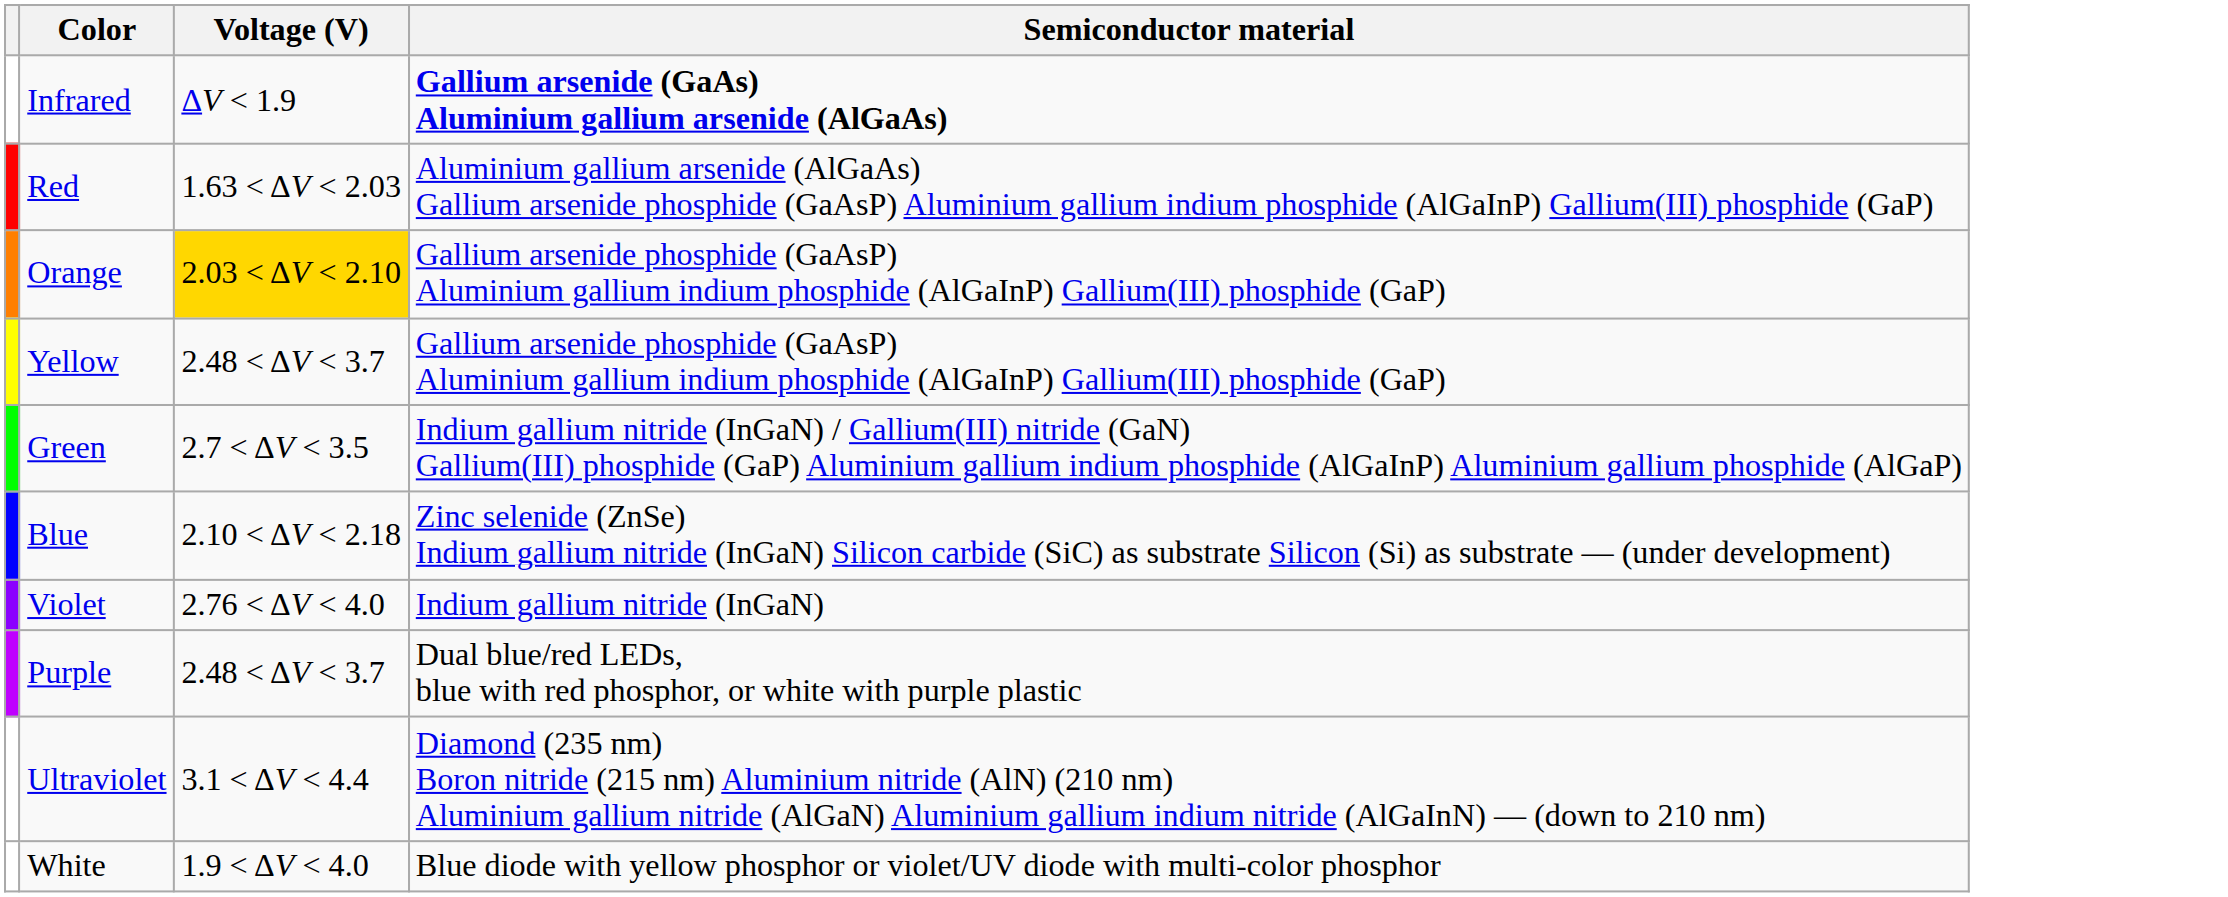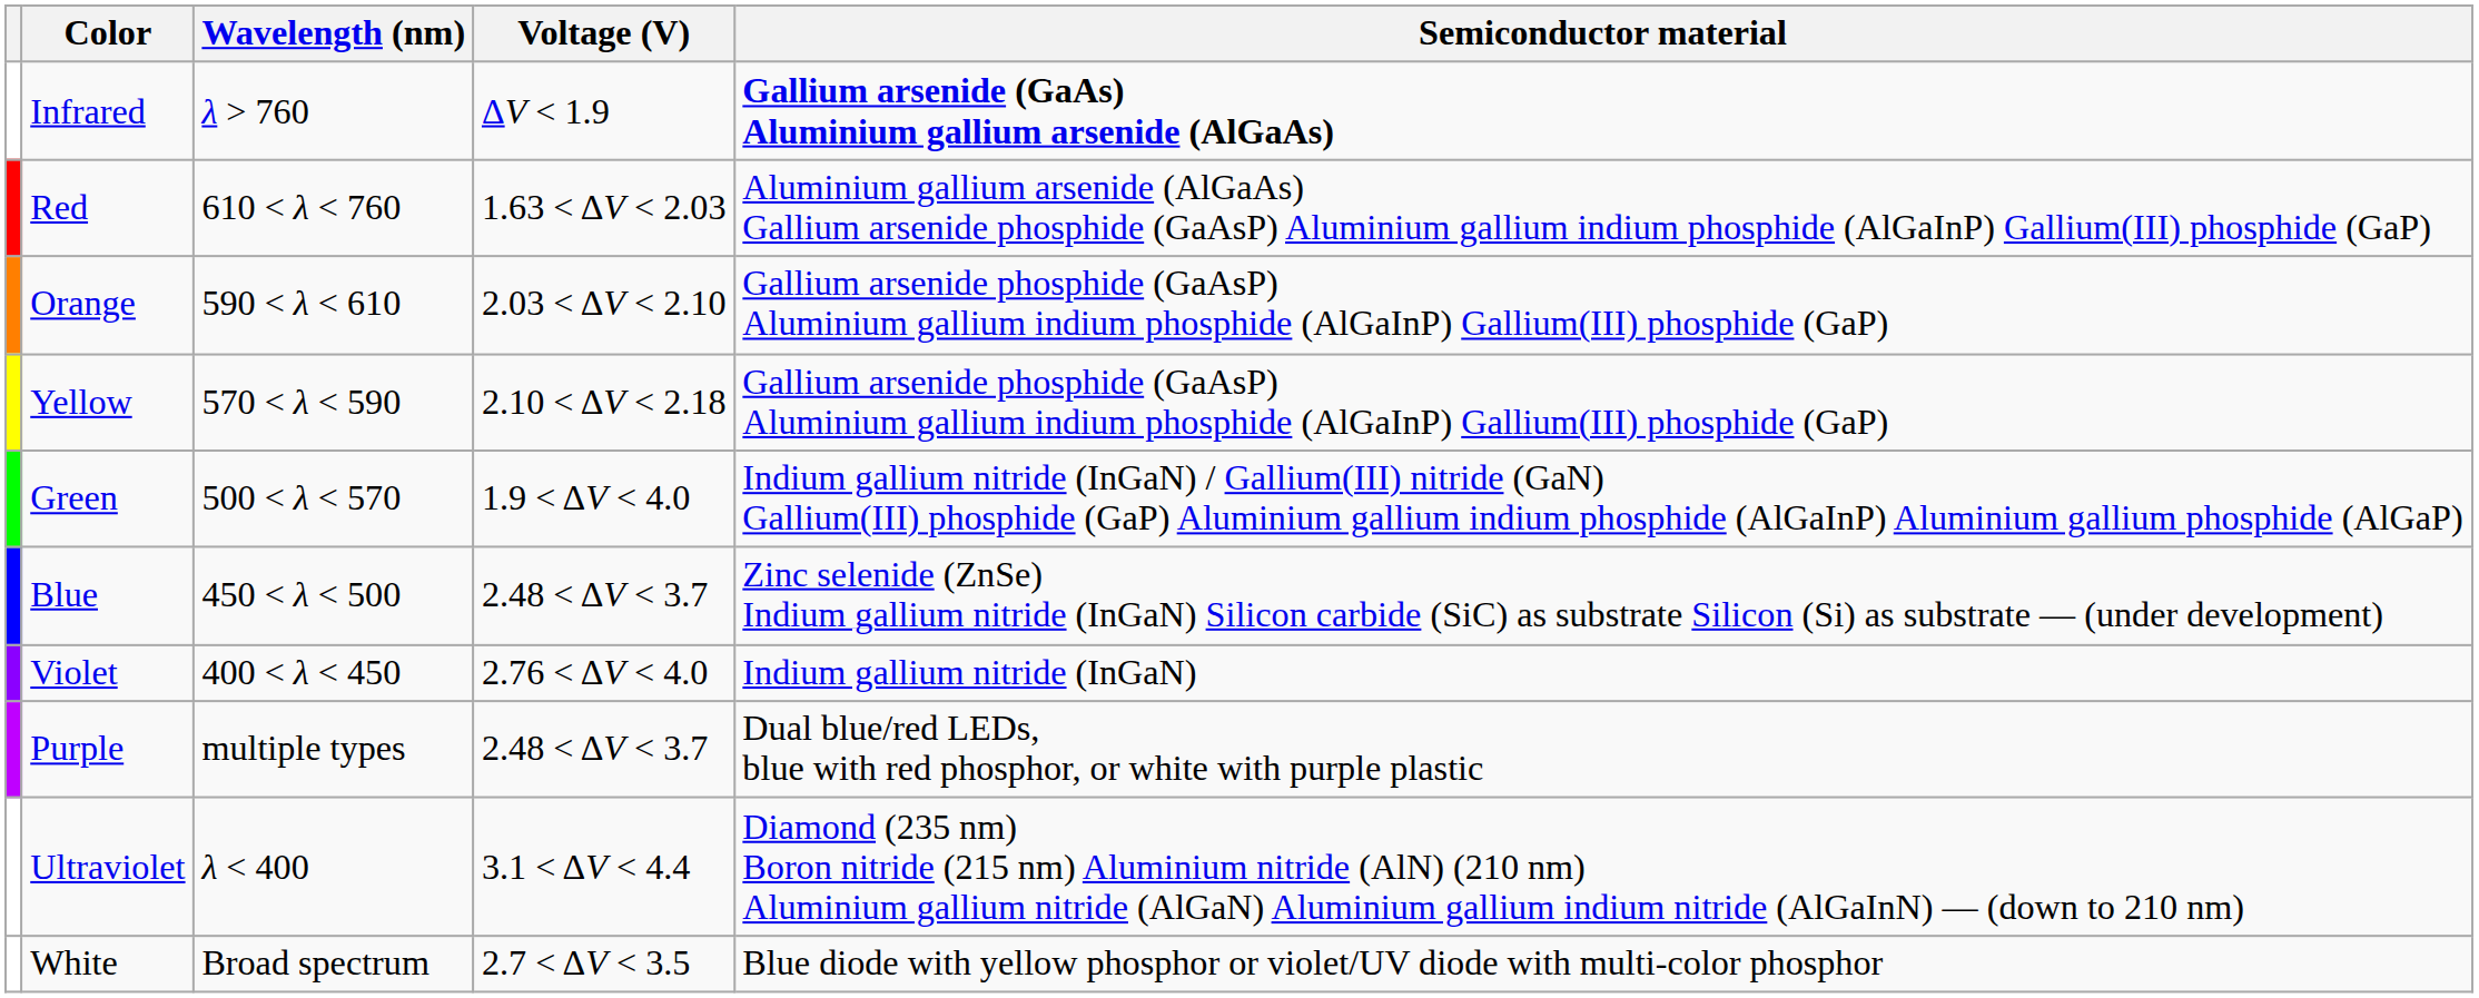 <table class="wikitable" border="1">
 <tr>
 <th></th>
 <th>Color</th>
+<th><a href='#'>Wavelength</a> (nm)</th>
 <th>Voltage (V)</th>
 <th>Semiconductor material</th>
 </tr>
 <tr>
 <td bgcolor="white"></td>
 <td><a href='#'>Infrared</a></td>
+<td><a href='#'><em>λ</em></a> > 760</td>
 <td><a href='#'>Δ</a><em>V</em> < 1.9</td>
 <td><strong><a href='#'>Gallium arsenide</a> (GaAs)<br><a href='#'>Aluminium gallium arsenide</a> (AlGaAs)</strong></td>
 </tr>
 <tr>
 <td bgcolor="red"></td>
 <td><a href='#'>Red</a></td>
+<td>610 < <em>λ</em> < 760</td>
 <td>1.63 < Δ<em>V</em> < 2.03</td>
 <td><a href='#'>Aluminium gallium arsenide</a> (AlGaAs)<br><a href='#'>Gallium arsenide phosphide</a> (GaAsP) <a href='#'>Aluminium gallium indium phosphide</a> (AlGaInP)  <a href='#'>Gallium(III) phosphide</a> (GaP)</td>
 </tr>
 <tr>
 <td bgcolor="#FF7F00"></td>
 <td><a href='#'>Orange</a></td>
-<td style="background: gold;">2.03 < Δ<em>V</em> < 2.10</td>
+<td>590 < <em>λ</em> < 610</td>
+<td>2.03 < Δ<em>V</em> < 2.10</td>
 <td><a href='#'>Gallium arsenide phosphide</a> (GaAsP)<br><a href='#'>Aluminium gallium indium phosphide</a> (AlGaInP)  <a href='#'>Gallium(III) phosphide</a> (GaP)</td>
 </tr>
 <tr>
 <td bgcolor="yellow"></td>
 <td><a href='#'>Yellow</a></td>
-<td>2.48 < Δ<em>V</em> < 3.7</td>
+<td>570 < <em>λ</em> < 590</td>
+<td>2.10 < Δ<em>V</em> < 2.18</td>
 <td><a href='#'>Gallium arsenide phosphide</a> (GaAsP)<br><a href='#'>Aluminium gallium indium phosphide</a> (AlGaInP)  <a href='#'>Gallium(III) phosphide</a> (GaP)</td>
 </tr>
 <tr>
 <td bgcolor="#00FF00"></td>
 <td><a href='#'>Green</a></td>
-<td>2.7 < Δ<em>V</em> < 3.5</td>
+<td>500 < <em>λ</em> < 570</td>
+<td>1.9 < Δ<em>V</em> < 4.0</td>
 <td><a href='#'>Indium gallium nitride</a> (InGaN) / <a href='#'>Gallium(III) nitride</a> (GaN)<br><a href='#'>Gallium(III) phosphide</a> (GaP) <a href='#'>Aluminium gallium indium phosphide</a> (AlGaInP) <a href='#'>Aluminium gallium phosphide</a> (AlGaP)</td>
 </tr>
 <tr>
 <td bgcolor="blue"></td>
 <td><a href='#'>Blue</a></td>
-<td>2.10 < Δ<em>V</em> < 2.18</td>
+<td>450 < <em>λ</em> < 500</td>
+<td>2.48 < Δ<em>V</em> < 3.7</td>
 <td><a href='#'>Zinc selenide</a> (ZnSe)<br><a href='#'>Indium gallium nitride</a> (InGaN) <a href='#'>Silicon carbide</a> (SiC) as substrate <a href='#'>Silicon</a> (Si) as substrate — (under development)</td>
 </tr>
 <tr>
 <td bgcolor="#8B00FF"></td>
 <td><a href='#'>Violet</a></td>
+<td>400 < <em>λ</em> < 450</td>
 <td>2.76 < Δ<em>V</em> < 4.0</td>
 <td><a href='#'>Indium gallium nitride</a> (InGaN)</td>
 </tr>
 <tr>
 <td bgcolor="#BF00FF"></td>
 <td><a href='#'>Purple</a></td>
+<td>multiple types</td>
 <td>2.48 < Δ<em>V</em> < 3.7</td>
 <td>Dual blue/red LEDs,<br>blue with red phosphor, or white with purple plastic</td>
 </tr>
 <tr>
 <td bgcolor="white"></td>
 <td><a href='#'>Ultraviolet</a></td>
+<td><em>λ</em> < 400</td>
 <td>3.1 < Δ<em>V</em> < 4.4</td>
 <td><a href='#'>Diamond</a> (235 nm)<br><a href='#'>Boron nitride</a> (215 nm) <a href='#'>Aluminium nitride</a> (AlN) (210 nm)<br><a href='#'>Aluminium gallium nitride</a> (AlGaN) <a href='#'>Aluminium gallium indium nitride</a> (AlGaInN) — (down to 210 nm)</td>
 </tr>
 <tr>
 <td bgcolor="white"></td>
 <td>White</td>
-<td>1.9 < Δ<em>V</em> < 4.0</td>
+<td>Broad spectrum</td>
+<td>2.7 < Δ<em>V</em> < 3.5</td>
 <td>Blue diode with yellow phosphor or violet/UV diode with multi-color phosphor  </td>
 </tr>
 </table>
